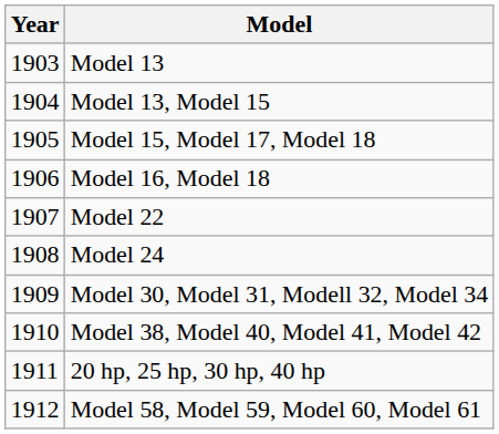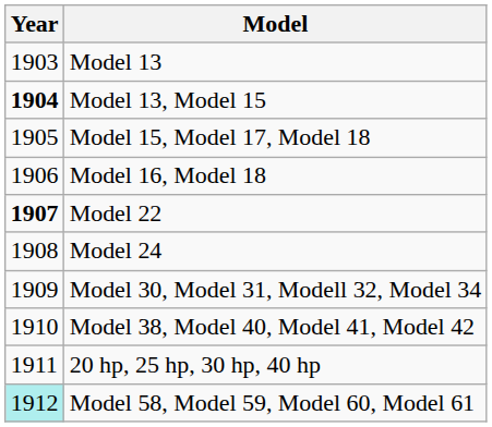 <table class="wikitable">
 <tr>
 <th>Year</th>
 <th>Model</th>
 </tr>
 <tr>
 <td>1903</td>
 <td>Model 13</td>
 </tr>
 <tr>
-<td>1904</td>
+<td><strong>1904</strong></td>
 <td>Model 13, Model 15</td>
 </tr>
 <tr>
 <td>1905</td>
 <td>Model 15, Model 17, Model 18</td>
 </tr>
 <tr>
 <td>1906</td>
 <td>Model 16, Model 18</td>
 </tr>
 <tr>
-<td>1907</td>
+<td><strong>1907</strong></td>
 <td>Model 22</td>
 </tr>
 <tr>
 <td>1908</td>
 <td>Model 24</td>
 </tr>
 <tr>
 <td>1909</td>
 <td>Model 30, Model 31, Modell 32, Model 34</td>
 </tr>
 <tr>
 <td>1910</td>
 <td>Model 38, Model 40, Model 41, Model 42</td>
 </tr>
 <tr>
 <td>1911</td>
 <td>20 hp, 25 hp, 30 hp, 40 hp</td>
 </tr>
 <tr>
-<td>1912</td>
+<td style="background: paleturquoise;">1912</td>
 <td>Model 58, Model 59, Model 60, Model 61</td>
 </tr>
 </table>
